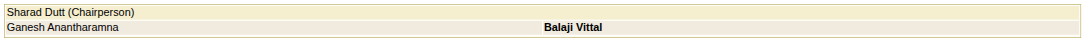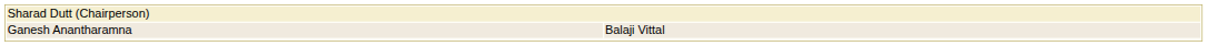 <table style="width:100%;border: 1px solid #BEB168;background-color:#FDFCF6;">
 <tr>
 <td colspan="2" style="background-color:#F5EFD0;"> Sharad Dutt (Chairperson)</td>
 </tr>
 <tr style="background-color:#F0EADF;">
 <td style="width:50%"> Ganesh Anantharamna</td>
-<td style="width:50%"><strong> Balaji Vittal</strong></td>
+<td style="width:50%"> Balaji Vittal</td>
 </tr>
 <tr style="vertical-align:top;">
 </tr>
 </table>
